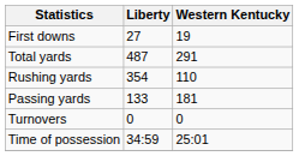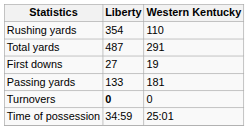 <table class="wikitable">
 <tr>
 <th>Statistics</th>
 <th>Liberty</th>
 <th>Western Kentucky</th>
 </tr>
 <tr>
-<td>First downs</td>
-<td>27</td>
-<td>19</td>
+<td>Rushing yards</td>
+<td>354</td>
+<td>110</td>
 </tr>
 <tr>
 <td>Total yards</td>
 <td>487</td>
 <td>291</td>
 </tr>
 <tr>
-<td>Rushing yards</td>
-<td>354</td>
-<td>110</td>
+<td>First downs</td>
+<td>27</td>
+<td>19</td>
 </tr>
 <tr>
 <td>Passing yards</td>
 <td>133</td>
 <td>181</td>
 </tr>
 <tr>
 <td>Turnovers</td>
-<td>0</td>
+<td><strong>0</strong></td>
 <td>0</td>
 </tr>
 <tr>
 <td>Time of possession</td>
 <td>34:59</td>
 <td>25:01</td>
 </tr>
 <tr>
 </tr>
 </table>
